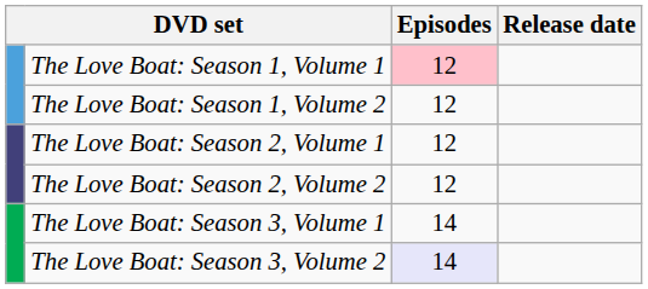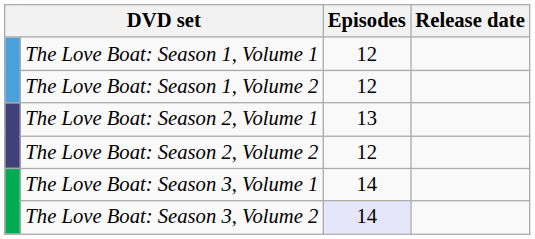 <table class=wikitable style="text-align:center">
 <tr>
 <th colspan=2>DVD set</th>
 <th>Episodes</th>
 <th>Release date</th>
 </tr>
 <tr>
 <td rowspan=2 style="width:5px; background:#4ba1dc"></td>
 <td><em>The Love Boat: Season 1, Volume 1</em></td>
-<td style="background: pink;">12</td>
+<td>12</td>
 <td></td>
 </tr>
 <tr>
 <td><em>The Love Boat: Season 1, Volume 2</em></td>
 <td>12</td>
 <td></td>
 </tr>
 <tr>
 <td rowspan="2" style="background:#41407a;"></td>
 <td><em>The Love Boat: Season 2, Volume 1</em></td>
-<td>12</td>
+<td>13</td>
 <td></td>
 </tr>
 <tr>
 <td><em>The Love Boat: Season 2, Volume 2</em></td>
 <td>12</td>
 <td></td>
 </tr>
 <tr>
 <td rowspan="2" style="background:#00AC53;"></td>
 <td><em>The Love Boat: Season 3, Volume 1</em></td>
 <td>14</td>
 <td></td>
 </tr>
 <tr>
 <td><em>The Love Boat: Season 3, Volume 2</em></td>
 <td style="background: lavender;">14</td>
 <td></td>
 </tr>
 </table>
